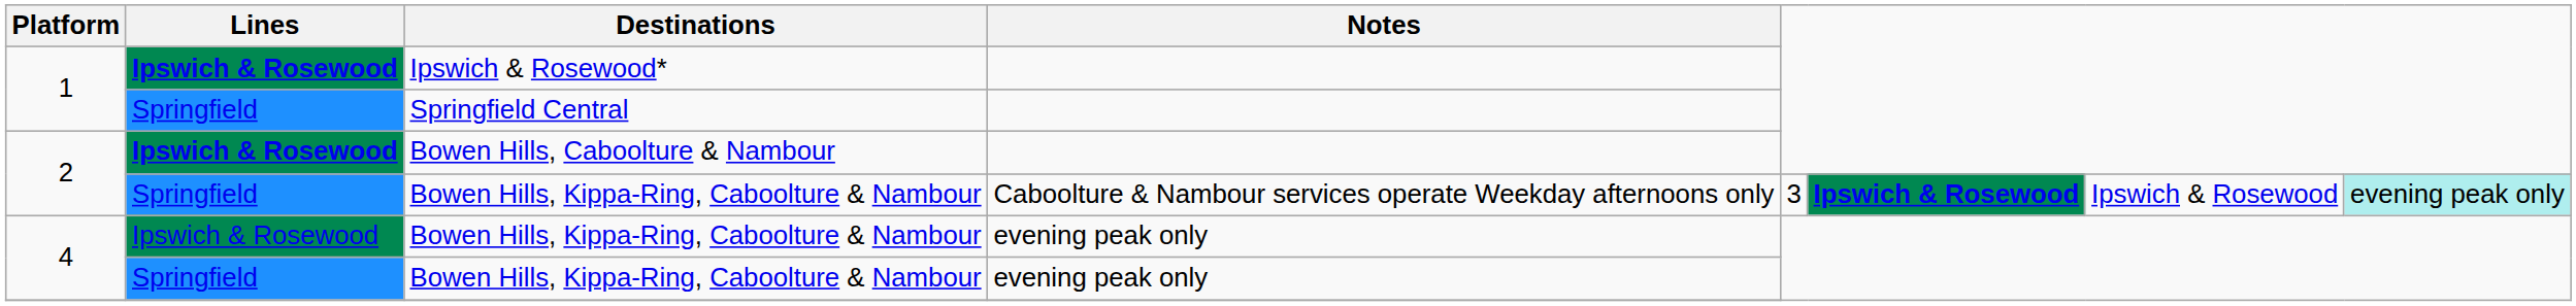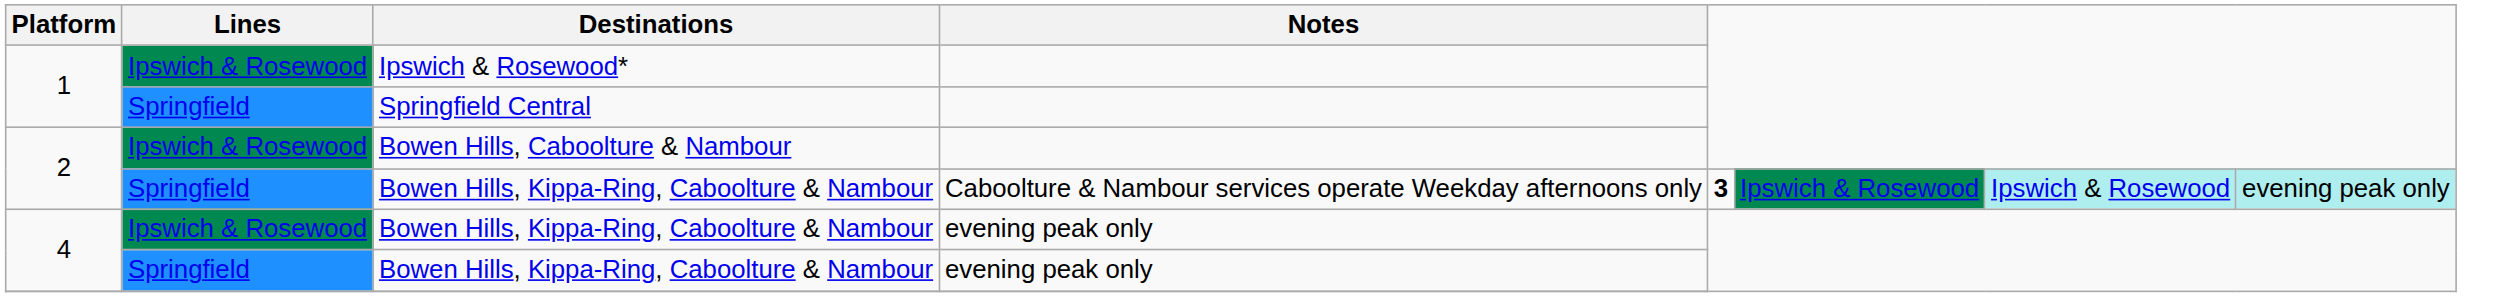 <table class="wikitable" style="float: none; margin: 0.5em; ">
 <tr>
 <th>Platform</th>
 <th>Lines</th>
 <th>Destinations</th>
 <th>Notes</th>
 </tr>
 <tr>
 <td rowspan="2" style="text-align:center;">1</td>
-<td style=background:#008851><strong><a href='#'><span>Ipswich & Rosewood</span></a></strong></td>
+<td style=background:#008851><a href='#'><span>Ipswich & Rosewood</span></a></td>
 <td><a href='#'>Ipswich</a> & <a href='#'>Rosewood</a>*</td>
 <td></td>
 </tr>
 <tr>
 <td style=background:#1e90ff><a href='#'><span>Springfield</span></a></td>
 <td><a href='#'>Springfield Central</a></td>
 <td></td>
 </tr>
 <tr>
 <td rowspan="2" style="text-align:center;">2</td>
-<td style=background:#008851><strong><a href='#'><span>Ipswich & Rosewood</span></a></strong></td>
+<td style=background:#008851><a href='#'><span>Ipswich & Rosewood</span></a></td>
 <td><a href='#'>Bowen Hills</a>, <a href='#'>Caboolture</a> & <a href='#'>Nambour</a></td>
 <td></td>
 </tr>
 <tr>
 <td style=background:#1e90ff><a href='#'><span>Springfield</span></a></td>
 <td><a href='#'>Bowen Hills</a>, <a href='#'>Kippa-Ring</a>, <a href='#'>Caboolture</a> & <a href='#'>Nambour</a></td>
 <td>Caboolture & Nambour services operate Weekday afternoons only</td>
-<td rowspan="1" style="text-align:center;">3</td>
-<td style=background:#008851><strong><a href='#'><span>Ipswich & Rosewood</span></a></strong></td>
-<td><a href='#'>Ipswich</a> & <a href='#'>Rosewood</a></td>
+<td rowspan="1" style="text-align:center;"><strong>3</strong></td>
+<td style=background:#008851><a href='#'><span>Ipswich & Rosewood</span></a></td>
+<td style="background: paleturquoise;"><a href='#'>Ipswich</a> & <a href='#'>Rosewood</a></td>
 <td style="background: paleturquoise;">evening peak only</td>
 </tr>
 <tr>
 <td rowspan="2" style="text-align:center;">4</td>
 <td style=background:#008851><a href='#'><span>Ipswich & Rosewood</span></a></td>
 <td><a href='#'>Bowen Hills</a>, <a href='#'>Kippa-Ring</a>, <a href='#'>Caboolture</a> & <a href='#'>Nambour</a></td>
 <td>evening peak only</td>
 </tr>
 <tr>
 <td style=background:#1e90ff><a href='#'><span>Springfield</span></a></td>
 <td><a href='#'>Bowen Hills</a>, <a href='#'>Kippa-Ring</a>, <a href='#'>Caboolture</a> & <a href='#'>Nambour</a></td>
 <td>evening peak only</td>
 </tr>
 <tr>
 </tr>
 </table>
